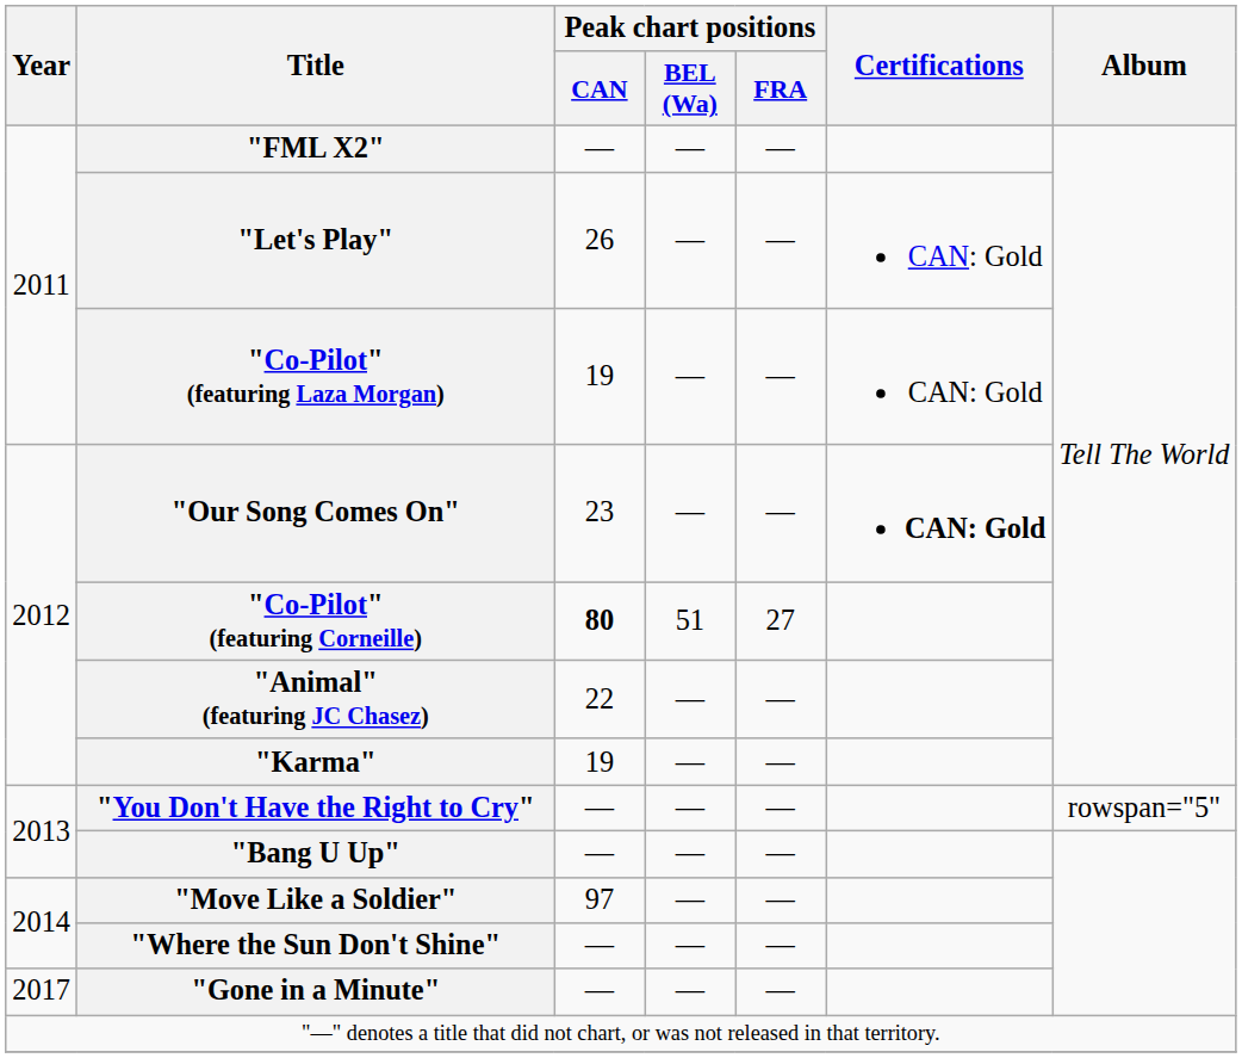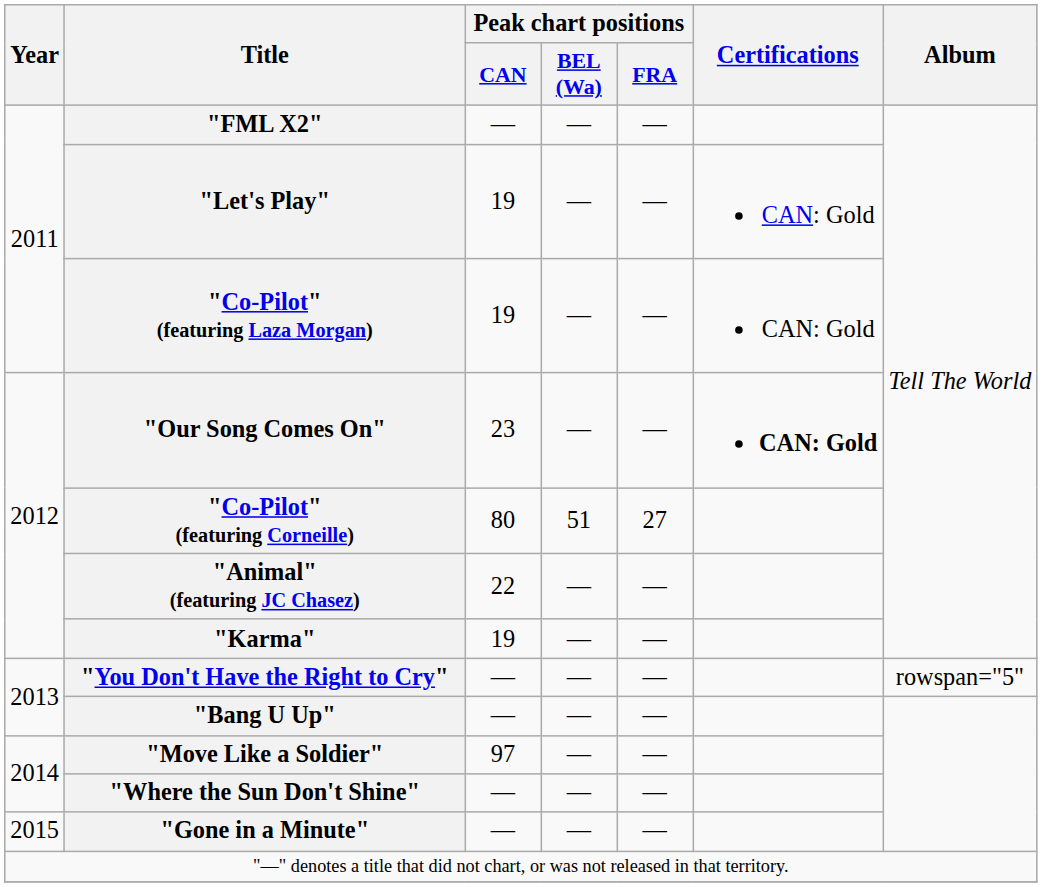 <table class="wikitable plainrowheaders" style="text-align:center;">
 <tr>
 <th scope="col" rowspan="2">Year</th>
 <th scope="col" rowspan="2" style="width:16em;">Title</th>
 <th scope="col" colspan="3">Peak chart positions</th>
 <th scope="col" rowspan="2"><a href='#'>Certifications</a></th>
 <th scope="col" rowspan="2">Album</th>
 </tr>
 <tr>
 <th scope="col" style="width:3em;font-size:90%;"><a href='#'>CAN</a><br></th>
 <th scope="col" style="width:3em;font-size:90%;"><a href='#'>BEL <br>(Wa)</a><br></th>
 <th scope="col" style="width:3em;font-size:90%;"><a href='#'>FRA</a><br></th>
 </tr>
 <tr>
 <td rowspan="3">2011</td>
 <th scope="row">"FML X2"</th>
 <td>—</td>
 <td>—</td>
 <td>—</td>
 <td></td>
 <td rowspan="7"><em>Tell The World</em></td>
 </tr>
 <tr>
 <th scope="row">"Let's Play"</th>
-<td>26</td>
+<td>19</td>
 <td>—</td>
 <td>—</td>
 <td><br><ul><li><a href='#'>CAN</a>: Gold</li></ul></td>
 </tr>
 <tr>
 <th scope="row">"<a href='#'>Co-Pilot</a>"<br><small>(featuring <a href='#'>Laza Morgan</a>)</small></th>
 <td>19</td>
 <td>—</td>
 <td>—</td>
 <td><br><ul><li>CAN: Gold</li></ul></td>
 </tr>
 <tr>
 <td rowspan="4">2012</td>
 <th scope="row">"Our Song Comes On"</th>
 <td>23</td>
 <td>—</td>
 <td>—</td>
 <td><strong><br><ul><li>CAN: Gold</li></ul></strong></td>
 </tr>
 <tr>
 <th scope="row">"<a href='#'>Co-Pilot</a>"<br><small>(featuring <a href='#'>Corneille</a>)</small></th>
-<td><strong>80</strong></td>
+<td>80</td>
 <td>51</td>
 <td>27</td>
 <td></td>
 </tr>
 <tr>
 <th scope="row">"Animal"<br><small>(featuring <a href='#'>JC Chasez</a>)</small></th>
 <td>22</td>
 <td>—</td>
 <td>—</td>
 <td></td>
 </tr>
 <tr>
 <th scope="row">"Karma"</th>
 <td>19</td>
 <td>—</td>
 <td>—</td>
 <td></td>
 </tr>
 <tr>
 <td rowspan="2">2013</td>
 <th scope="row">"<a href='#'>You Don't Have the Right to Cry</a>"</th>
 <td>—</td>
 <td>—</td>
 <td>—</td>
 <td></td>
 <td>rowspan="5" </td>
 </tr>
 <tr>
 <th scope="row">"Bang U Up"</th>
 <td>—</td>
 <td>—</td>
 <td>—</td>
 <td></td>
 </tr>
 <tr>
 <td rowspan="2">2014</td>
 <th scope="row">"Move Like a Soldier"</th>
 <td>97</td>
 <td>—</td>
 <td>—</td>
 <td></td>
 </tr>
 <tr>
 <th scope="row">"Where the Sun Don't Shine"</th>
 <td>—</td>
 <td>—</td>
 <td>—</td>
 <td></td>
 </tr>
 <tr>
-<td rowspan="1">2017</td>
+<td rowspan="1">2015</td>
 <th scope="row">"Gone in a Minute"</th>
 <td>—</td>
 <td>—</td>
 <td>—</td>
 <td></td>
 </tr>
 <tr>
 <td colspan="14" style="font-size:9pt">"—" denotes a title that did not chart, or was not released in that territory.</td>
 </tr>
 <tr>
 </tr>
 </table>
